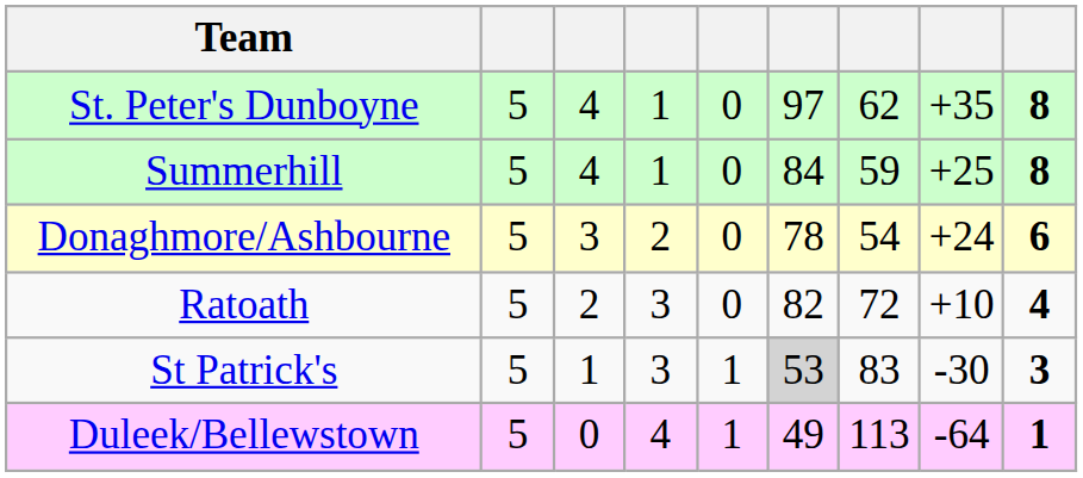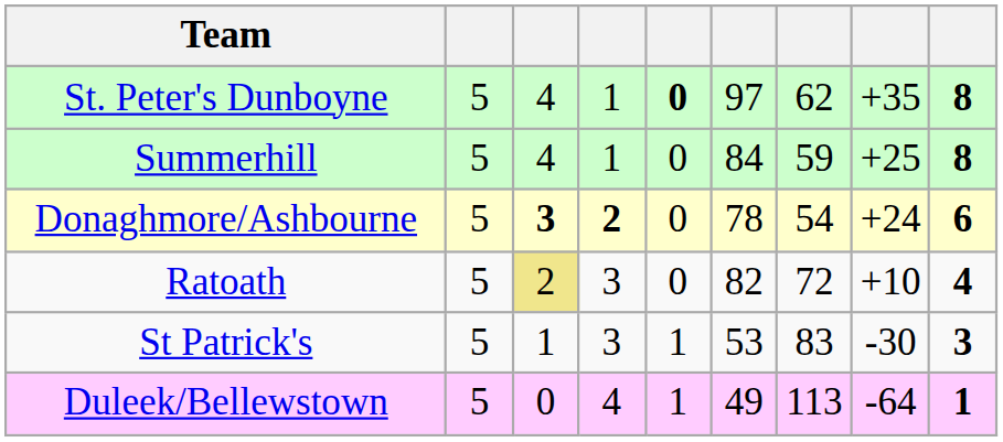 <table class="wikitable" style="text-align:center">
 <tr>
 <th style="width:175px;">Team</th>
 <th width="20"></th>
 <th width="20"></th>
 <th width="20"></th>
 <th width="20"></th>
 <th width="20"></th>
 <th width="20"></th>
 <th width="20"></th>
 <th width="20"></th>
 </tr>
 <tr style="background:#cfc;">
 <td><a href='#'>St. Peter's Dunboyne</a></td>
 <td>5</td>
 <td>4</td>
 <td>1</td>
-<td>0</td>
+<td><strong>0</strong></td>
 <td>97</td>
 <td>62</td>
 <td>+35</td>
 <td><strong>8</strong></td>
 </tr>
 <tr style="background:#cfc;">
 <td><a href='#'>Summerhill</a></td>
 <td>5</td>
 <td>4</td>
 <td>1</td>
 <td>0</td>
 <td>84</td>
 <td>59</td>
 <td>+25</td>
 <td><strong>8</strong></td>
 </tr>
 <tr style="background:#ffffcc;">
 <td><a href='#'>Donaghmore/Ashbourne</a></td>
 <td>5</td>
-<td>3</td>
-<td>2</td>
+<td><strong>3</strong></td>
+<td><strong>2</strong></td>
 <td>0</td>
 <td>78</td>
 <td>54</td>
 <td>+24</td>
 <td><strong>6</strong></td>
 </tr>
 <tr>
 <td><a href='#'>Ratoath</a></td>
 <td>5</td>
-<td>2</td>
+<td style="background: khaki;">2</td>
 <td>3</td>
 <td>0</td>
 <td>82</td>
 <td>72</td>
 <td>+10</td>
 <td><strong>4</strong></td>
 </tr>
 <tr>
 <td><a href='#'>St Patrick's</a></td>
 <td>5</td>
 <td>1</td>
 <td>3</td>
 <td>1</td>
-<td style="background: lightgrey;">53</td>
+<td>53</td>
 <td>83</td>
 <td>-30</td>
 <td><strong>3</strong></td>
 </tr>
 <tr style="background:#fcf;">
 <td><a href='#'>Duleek/Bellewstown</a></td>
 <td>5</td>
 <td>0</td>
 <td>4</td>
 <td>1</td>
 <td>49</td>
 <td>113</td>
 <td>-64</td>
 <td><strong>1</strong></td>
 </tr>
 </table>
